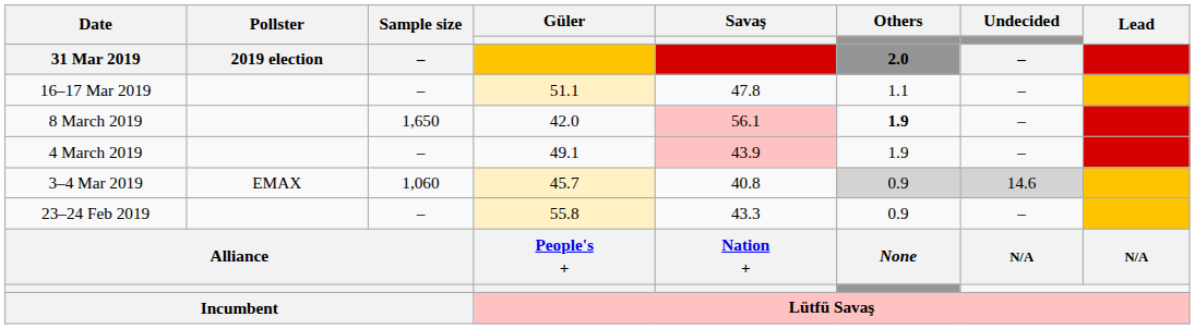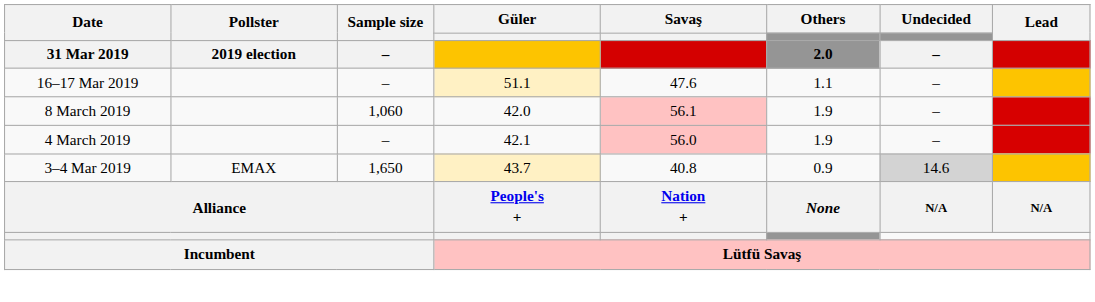 <table class="wikitable" style="text-align:center; font-size:90%; line-height:20px;">
 <tr>
 <th rowspan=2 width="150px">Date</th>
 <th rowspan=2 width="150px">Pollster</th>
 <th rowspan=2 width="85px">Sample size</th>
 <th width=150>Güler</th>
 <th width=150>Savaş</th>
 <th width=100>Others</th>
 <th width=100>Undecided</th>
 <th width=85 rowspan=2>Lead</th>
 </tr>
 <tr>
 <th style="background: "></th>
 <th style="background: "></th>
 <th style="background: #959595"></th>
 <th style="background: #959595"></th>
 </tr>
 <tr>
 <th>31 Mar 2019</th>
 <th>2019 election</th>
 <th>–</th>
 <th style="background: #fdc400"></th>
 <th style="background: #d40000"></th>
 <th style="background: #959595">2.0</th>
 <th>–</th>
 <th style="background: #d40000"></th>
 </tr>
 <tr>
 <td>16–17 Mar 2019</td>
 <td></td>
 <td>–</td>
 <td style="background: #FFF1C4">51.1</td>
-<td>47.8</td>
+<td>47.6</td>
 <td>1.1</td>
 <td>–</td>
 <td style="background: #fdc400"></td>
 </tr>
 <tr>
 <td>8 March 2019</td>
 <td></td>
-<td>1,650</td>
+<td>1,060</td>
 <td>42.0</td>
 <td style="background: #FFC2C2">56.1</td>
-<td><strong>1.9</strong></td>
+<td>1.9</td>
 <td>–</td>
 <td style="background: #d70000"></td>
 </tr>
 <tr>
 <td>4 March 2019</td>
 <td></td>
 <td>–</td>
-<td>49.1</td>
-<td style="background: #FFC2C2">43.9</td>
+<td>42.1</td>
+<td style="background: #FFC2C2">56.0</td>
 <td>1.9</td>
 <td>–</td>
 <td style="background: #d70000"></td>
 </tr>
 <tr>
 <td>3–4 Mar 2019</td>
 <td>EMAX</td>
-<td>1,060</td>
-<td style="background: #FFF1C4">45.7</td>
+<td>1,650</td>
+<td style="background: #FFF1C4">43.7</td>
 <td>40.8</td>
-<td style="background: lightgrey;">0.9</td>
+<td>0.9</td>
 <td style="background: lightgrey;">14.6</td>
-<td style="background: #fdc400"></td>
-</tr>
-<tr>
-<td>23–24 Feb 2019</td>
-<td></td>
-<td>–</td>
-<td style="background: #FFF1C4">55.8</td>
-<td>43.3</td>
-<td>0.9</td>
-<td>–</td>
 <td style="background: #fdc400"></td>
 </tr>
 <tr>
 <th colspan=3>Alliance</th>
 <th width=150><a href='#'>People's</a><br><small></small> + <small></small></th>
 <th width=150><a href='#'>Nation</a><br><small></small> + <small></small></th>
 <th width=100><em>None</em></th>
 <th width=100><small>N/A</small></th>
 <th width=85><small>N/A</small></th>
 </tr>
 <tr>
 <th colspan=3></th>
 <th style="background: "></th>
 <th style="background: "></th>
 <th style="background: #959595"></th>
 </tr>
 <tr>
 <th colspan=3>Incumbent</th>
 <th style="background:  #FFC2C2" colspan=5>Lütfü Savaş <small></small></th>
 </tr>
 </table>
